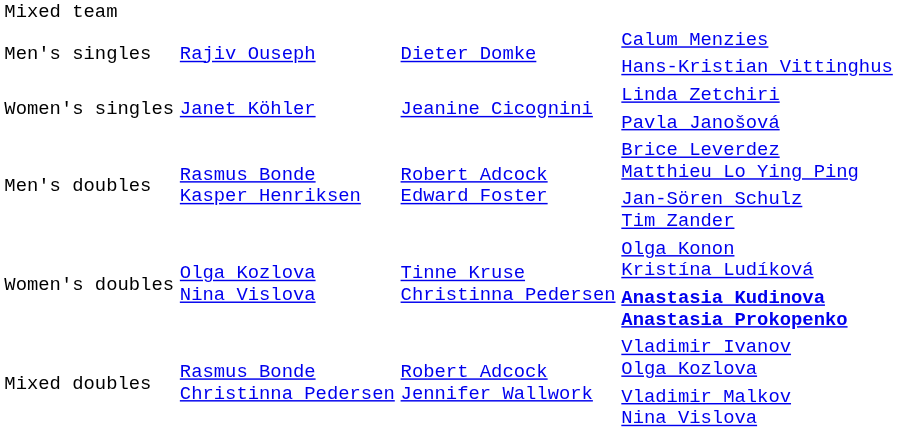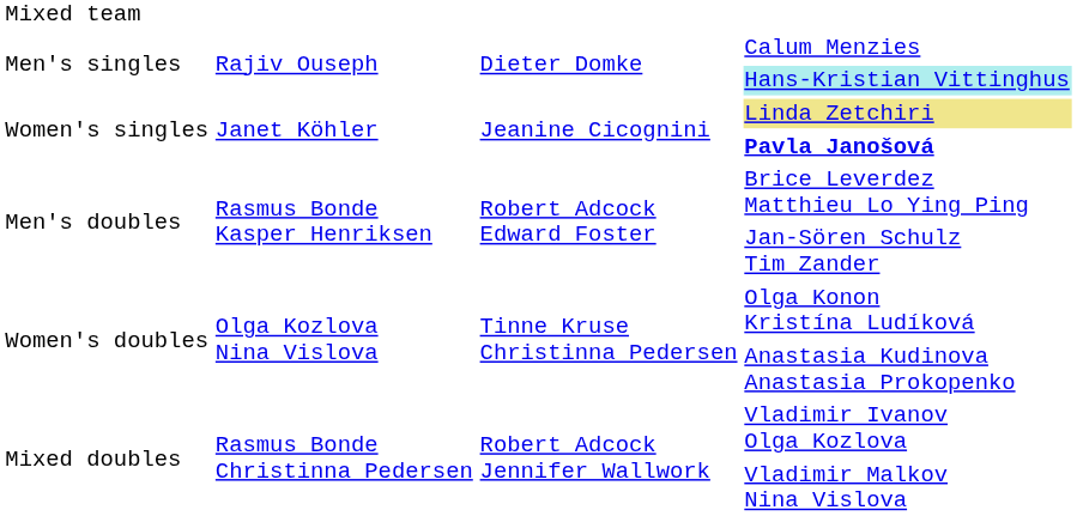 <table>
 <tr>
 <td>Mixed team</td>
 <td></td>
 <td></td>
 <td></td>
 </tr>
 <tr>
 <td rowspan=2>Men's singles</td>
 <td rowspan=2> <a href='#'>Rajiv Ouseph</a></td>
 <td rowspan=2> <a href='#'>Dieter Domke</a></td>
 <td> <a href='#'>Calum Menzies</a></td>
 </tr>
 <tr>
-<td> <a href='#'>Hans-Kristian Vittinghus</a></td>
+<td style="background: paleturquoise;"> <a href='#'>Hans-Kristian Vittinghus</a></td>
 </tr>
 <tr>
 <td rowspan=2>Women's singles</td>
 <td rowspan=2> <a href='#'>Janet Köhler</a></td>
 <td rowspan=2> <a href='#'>Jeanine Cicognini</a></td>
-<td> <a href='#'>Linda Zetchiri</a></td>
+<td style="background: khaki;"> <a href='#'>Linda Zetchiri</a></td>
 </tr>
 <tr>
-<td> <a href='#'>Pavla Janošová</a></td>
+<td><strong> <a href='#'>Pavla Janošová</a></strong></td>
 </tr>
 <tr>
 <td rowspan=2>Men's doubles</td>
 <td rowspan=2> <a href='#'>Rasmus Bonde</a><br> <a href='#'>Kasper Henriksen</a></td>
 <td rowspan=2> <a href='#'>Robert Adcock</a><br> <a href='#'>Edward Foster</a></td>
 <td> <a href='#'>Brice Leverdez</a><br> <a href='#'>Matthieu Lo Ying Ping</a></td>
 </tr>
 <tr>
 <td> <a href='#'>Jan-Sören Schulz</a><br> <a href='#'>Tim Zander</a></td>
 </tr>
 <tr>
 <td rowspan=2>Women's doubles</td>
 <td rowspan=2> <a href='#'>Olga Kozlova</a><br> <a href='#'>Nina Vislova</a></td>
 <td rowspan=2> <a href='#'>Tinne Kruse</a><br> <a href='#'>Christinna Pedersen</a></td>
 <td> <a href='#'>Olga Konon</a><br> <a href='#'>Kristína Ludíková</a></td>
 </tr>
 <tr>
-<td><strong> <a href='#'>Anastasia Kudinova</a><br> <a href='#'>Anastasia Prokopenko</a></strong></td>
+<td> <a href='#'>Anastasia Kudinova</a><br> <a href='#'>Anastasia Prokopenko</a></td>
 </tr>
 <tr>
 <td rowspan=2>Mixed doubles</td>
 <td rowspan=2> <a href='#'>Rasmus Bonde</a><br> <a href='#'>Christinna Pedersen</a></td>
 <td rowspan=2> <a href='#'>Robert Adcock</a><br> <a href='#'>Jennifer Wallwork</a></td>
 <td> <a href='#'>Vladimir Ivanov</a><br> <a href='#'>Olga Kozlova</a></td>
 </tr>
 <tr>
 <td> <a href='#'>Vladimir Malkov</a><br> <a href='#'>Nina Vislova</a></td>
 </tr>
 </table>
